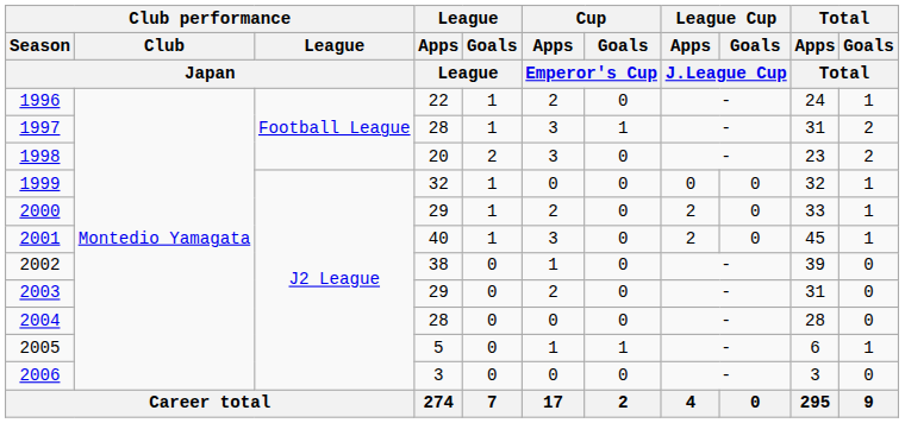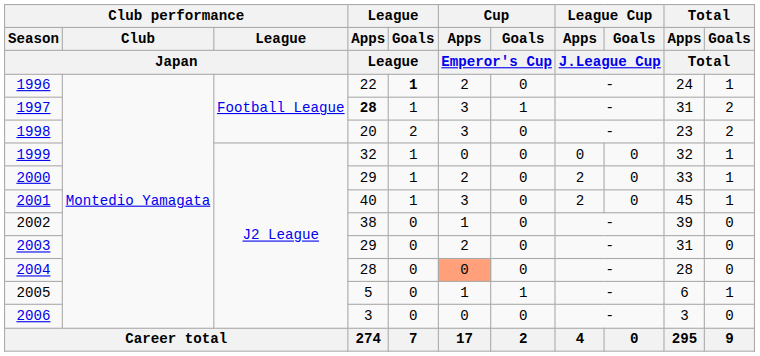 <table class="wikitable" style="text-align:center">
 <tr>
 <th colspan=3>Club performance</th>
 <th colspan=2>League</th>
 <th colspan=2>Cup</th>
 <th colspan=2>League Cup</th>
 <th colspan=2>Total</th>
 </tr>
 <tr>
 <th>Season</th>
 <th>Club</th>
 <th>League</th>
 <th>Apps</th>
 <th>Goals</th>
 <th>Apps</th>
 <th>Goals</th>
 <th>Apps</th>
 <th>Goals</th>
 <th>Apps</th>
 <th>Goals</th>
 </tr>
 <tr>
 <th colspan=3>Japan</th>
 <th colspan=2>League</th>
 <th colspan=2><a href='#'>Emperor's Cup</a></th>
 <th colspan=2><a href='#'>J.League Cup</a></th>
 <th colspan=2>Total</th>
 </tr>
 <tr>
 <td><a href='#'>1996</a></td>
 <td rowspan="11"><a href='#'>Montedio Yamagata</a></td>
 <td rowspan="3"><a href='#'>Football League</a></td>
 <td>22</td>
-<td>1</td>
+<td><strong>1</strong></td>
 <td>2</td>
 <td>0</td>
 <td colspan="2">-</td>
 <td>24</td>
 <td>1</td>
 </tr>
 <tr>
 <td><a href='#'>1997</a></td>
-<td>28</td>
+<td><strong>28</strong></td>
 <td>1</td>
 <td>3</td>
 <td>1</td>
 <td colspan="2">-</td>
 <td>31</td>
 <td>2</td>
 </tr>
 <tr>
 <td><a href='#'>1998</a></td>
 <td>20</td>
 <td>2</td>
 <td>3</td>
 <td>0</td>
 <td colspan="2">-</td>
 <td>23</td>
 <td>2</td>
 </tr>
 <tr>
 <td><a href='#'>1999</a></td>
 <td rowspan="8"><a href='#'>J2 League</a></td>
 <td>32</td>
 <td>1</td>
 <td>0</td>
 <td>0</td>
 <td>0</td>
 <td>0</td>
 <td>32</td>
 <td>1</td>
 </tr>
 <tr>
 <td><a href='#'>2000</a></td>
 <td>29</td>
 <td>1</td>
 <td>2</td>
 <td>0</td>
 <td>2</td>
 <td>0</td>
 <td>33</td>
 <td>1</td>
 </tr>
 <tr>
 <td><a href='#'>2001</a></td>
 <td>40</td>
 <td>1</td>
 <td>3</td>
 <td>0</td>
 <td>2</td>
 <td>0</td>
 <td>45</td>
 <td>1</td>
 </tr>
 <tr>
 <td>2002</td>
 <td>38</td>
 <td>0</td>
 <td>1</td>
 <td>0</td>
 <td colspan="2">-</td>
 <td>39</td>
 <td>0</td>
 </tr>
 <tr>
 <td><a href='#'>2003</a></td>
 <td>29</td>
 <td>0</td>
 <td>2</td>
 <td>0</td>
 <td colspan="2">-</td>
 <td>31</td>
 <td>0</td>
 </tr>
 <tr>
 <td><a href='#'>2004</a></td>
 <td>28</td>
 <td>0</td>
-<td>0</td>
+<td style="background: lightsalmon;">0</td>
 <td>0</td>
 <td colspan="2">-</td>
 <td>28</td>
 <td>0</td>
 </tr>
 <tr>
 <td>2005</td>
 <td>5</td>
 <td>0</td>
 <td>1</td>
 <td>1</td>
 <td colspan="2">-</td>
 <td>6</td>
 <td>1</td>
 </tr>
 <tr>
 <td><a href='#'>2006</a></td>
 <td>3</td>
 <td>0</td>
 <td>0</td>
 <td>0</td>
 <td colspan="2">-</td>
 <td>3</td>
 <td>0</td>
 </tr>
 <tr>
 <th colspan=3>Career total</th>
 <th>274</th>
 <th>7</th>
 <th>17</th>
 <th>2</th>
 <th>4</th>
 <th>0</th>
 <th>295</th>
 <th>9</th>
 </tr>
 </table>
